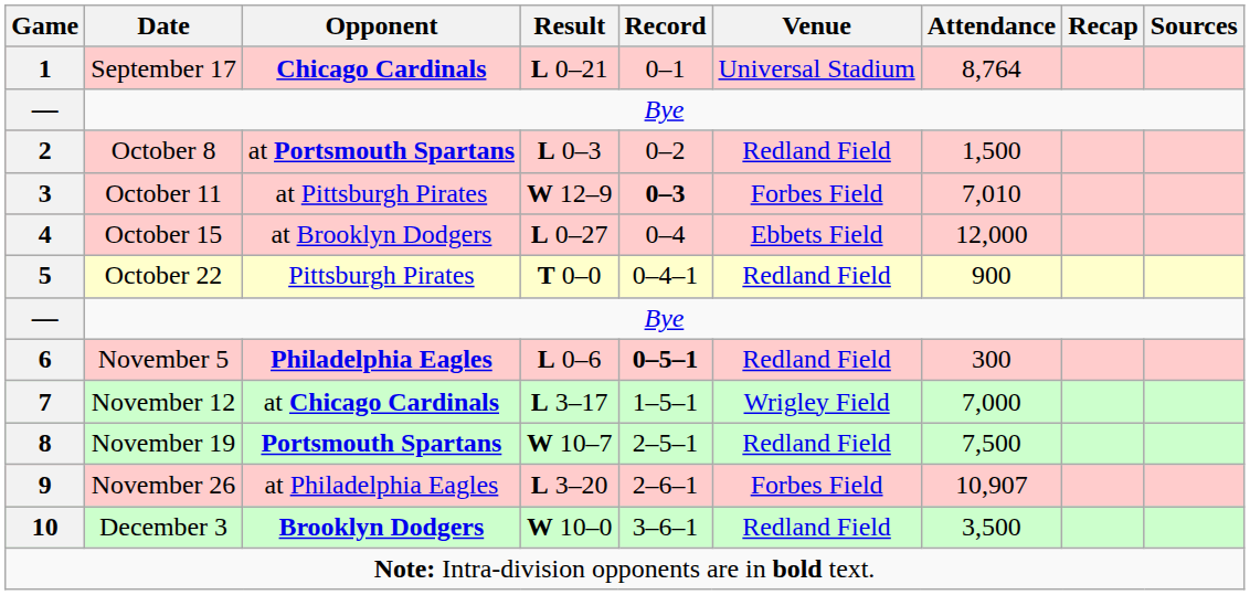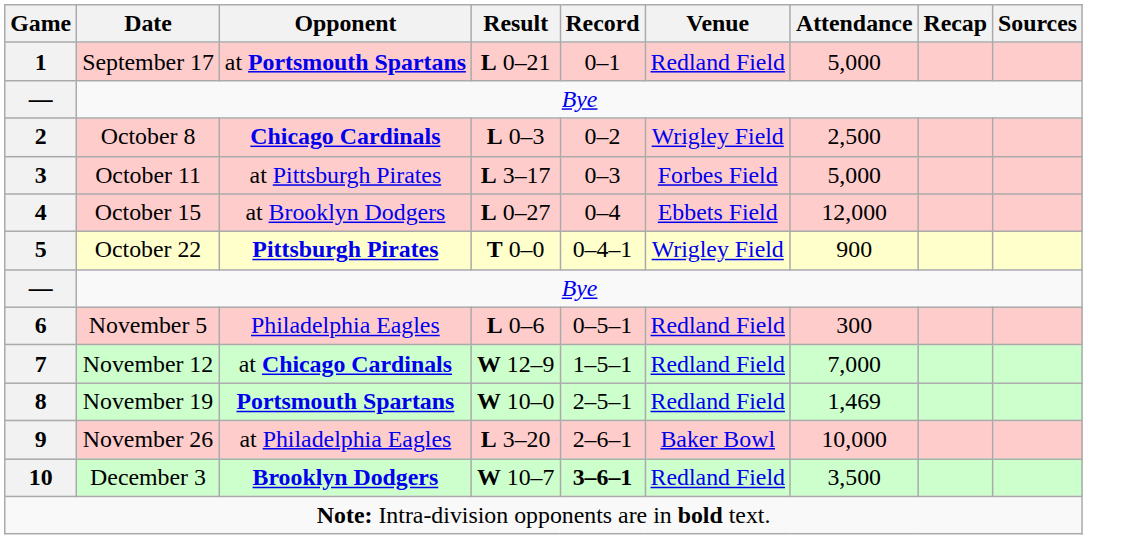 <table class="wikitable" style="text-align:center">
 <tr>
 <th>Game</th>
 <th>Date</th>
 <th>Opponent</th>
 <th>Result</th>
 <th>Record</th>
 <th>Venue</th>
 <th>Attendance</th>
 <th>Recap</th>
 <th>Sources</th>
 </tr>
 <tr style="background:#fcc">
 <th>1</th>
 <td>September 17</td>
-<td><strong><a href='#'>Chicago Cardinals</a></strong></td>
+<td>at <strong><a href='#'>Portsmouth Spartans</a></strong></td>
 <td><strong>L</strong> 0–21</td>
 <td>0–1</td>
-<td><a href='#'>Universal Stadium</a></td>
-<td>8,764</td>
+<td><a href='#'>Redland Field</a></td>
+<td>5,000</td>
 <td></td>
 <td></td>
 </tr>
 <tr>
 <th>—</th>
 <td colspan="8"><em><a href='#'>Bye</a></em></td>
 </tr>
 <tr style="background:#fcc">
 <th>2</th>
 <td>October 8</td>
-<td>at <strong><a href='#'>Portsmouth Spartans</a></strong></td>
+<td><strong><a href='#'>Chicago Cardinals</a></strong></td>
 <td><strong>L</strong> 0–3</td>
 <td>0–2</td>
-<td><a href='#'>Redland Field</a></td>
-<td>1,500</td>
+<td><a href='#'>Wrigley Field</a></td>
+<td>2,500</td>
 <td></td>
 <td></td>
 </tr>
 <tr style="background:#fcc">
 <th>3</th>
 <td>October 11</td>
 <td>at <a href='#'>Pittsburgh Pirates</a></td>
-<td><strong>W</strong> 12–9</td>
-<td><strong>0–3</strong></td>
+<td><strong>L</strong> 3–17</td>
+<td>0–3</td>
 <td><a href='#'>Forbes Field</a></td>
-<td>7,010</td>
+<td>5,000</td>
 <td></td>
 <td></td>
 </tr>
 <tr style="background:#fcc">
 <th>4</th>
 <td>October 15</td>
 <td>at <a href='#'>Brooklyn Dodgers</a></td>
 <td><strong>L</strong> 0–27</td>
 <td>0–4</td>
 <td><a href='#'>Ebbets Field</a></td>
 <td>12,000</td>
 <td></td>
 <td></td>
 </tr>
 <tr style="background:#ffc">
 <th>5</th>
 <td>October 22</td>
-<td><a href='#'>Pittsburgh Pirates</a></td>
+<td><strong><a href='#'>Pittsburgh Pirates</a></strong></td>
 <td><strong>T</strong> 0–0</td>
 <td>0–4–1</td>
-<td><a href='#'>Redland Field</a></td>
+<td><a href='#'>Wrigley Field</a></td>
 <td>900</td>
 <td></td>
 <td></td>
 </tr>
 <tr>
 <th>—</th>
 <td colspan="8"><em><a href='#'>Bye</a></em></td>
 </tr>
 <tr style="background:#fcc">
 <th>6</th>
 <td>November 5</td>
-<td><strong><a href='#'>Philadelphia Eagles</a></strong></td>
+<td><a href='#'>Philadelphia Eagles</a></td>
 <td><strong>L</strong> 0–6</td>
-<td><strong>0–5–1</strong></td>
+<td>0–5–1</td>
 <td><a href='#'>Redland Field</a></td>
 <td>300</td>
 <td></td>
 <td></td>
 </tr>
 <tr style="background:#cfc">
 <th>7</th>
 <td>November 12</td>
 <td>at <strong><a href='#'>Chicago Cardinals</a></strong></td>
-<td><strong>L</strong> 3–17</td>
+<td><strong>W</strong> 12–9</td>
 <td>1–5–1</td>
-<td><a href='#'>Wrigley Field</a></td>
+<td><a href='#'>Redland Field</a></td>
 <td>7,000</td>
 <td></td>
 <td></td>
 </tr>
 <tr style="background:#cfc">
 <th>8</th>
 <td>November 19</td>
 <td><strong><a href='#'>Portsmouth Spartans</a></strong></td>
-<td><strong>W</strong> 10–7</td>
+<td><strong>W</strong> 10–0</td>
 <td>2–5–1</td>
 <td><a href='#'>Redland Field</a></td>
-<td>7,500</td>
+<td>1,469</td>
 <td></td>
 <td></td>
 </tr>
 <tr style="background:#fcc">
 <th>9</th>
 <td>November 26</td>
 <td>at <a href='#'>Philadelphia Eagles</a></td>
 <td><strong>L</strong> 3–20</td>
 <td>2–6–1</td>
-<td><a href='#'>Forbes Field</a></td>
-<td>10,907</td>
+<td><a href='#'>Baker Bowl</a></td>
+<td>10,000</td>
 <td></td>
 <td></td>
 </tr>
 <tr style="background:#cfc">
 <th>10</th>
 <td>December 3</td>
 <td><strong><a href='#'>Brooklyn Dodgers</a></strong></td>
-<td><strong>W</strong> 10–0</td>
-<td>3–6–1</td>
+<td><strong>W</strong> 10–7</td>
+<td><strong>3–6–1</strong></td>
 <td><a href='#'>Redland Field</a></td>
 <td>3,500</td>
 <td></td>
 <td></td>
 </tr>
 <tr>
 <td colspan="10"><strong>Note:</strong> Intra-division opponents are in <strong>bold</strong> text.</td>
 </tr>
 </table>
